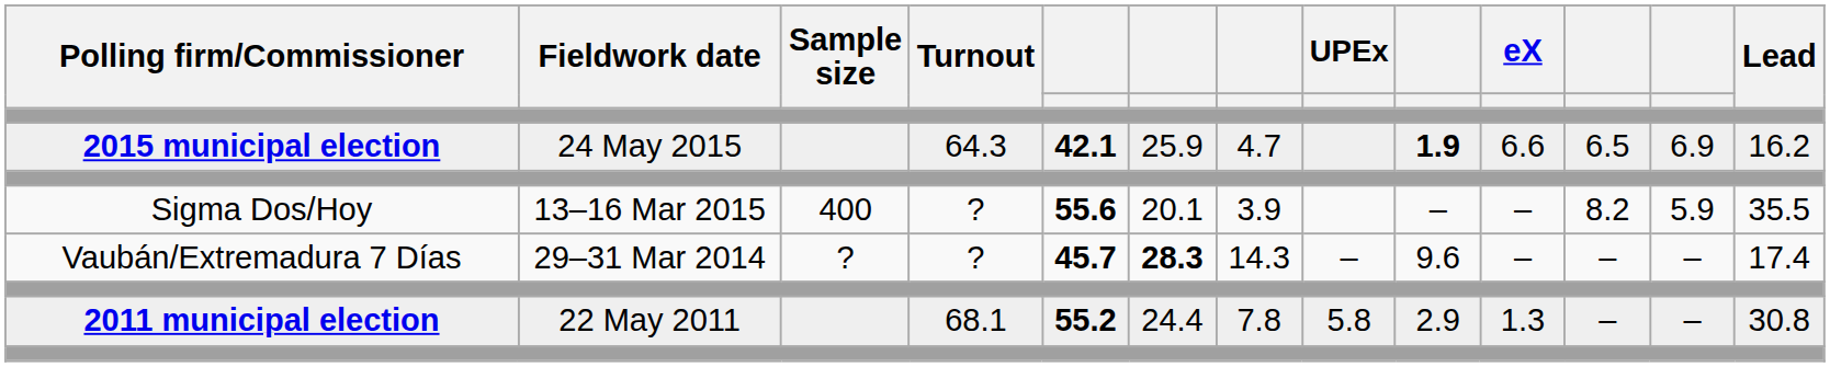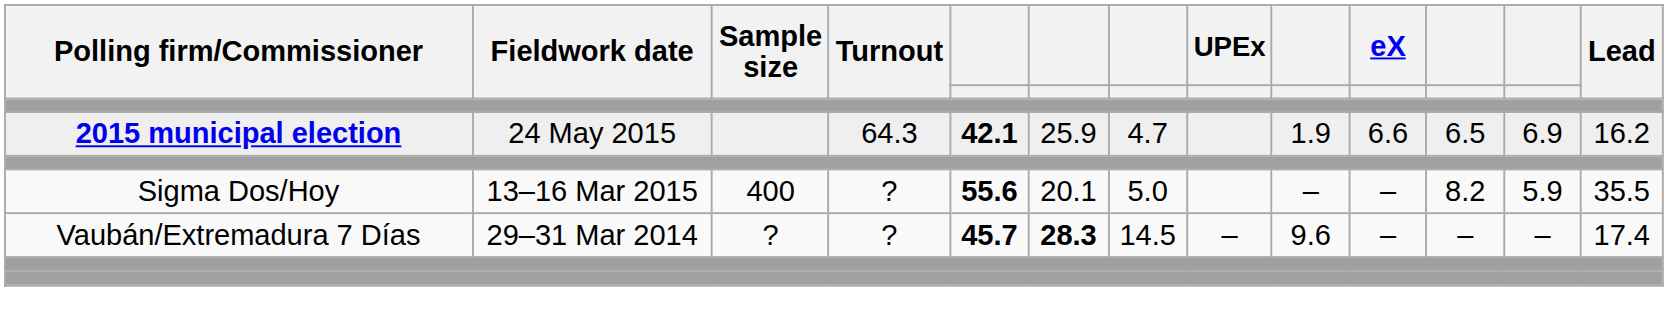 <table class="wikitable collapsible collapsed" style="text-align:center; font-size:95%; line-height:16px;">
 <tr style="height:42px;">
 <th style="width:250px;" rowspan="2">Polling firm/Commissioner</th>
 <th style="width:125px;" rowspan="2">Fieldwork date</th>
 <th style="width:50px;" rowspan="2">Sample size</th>
 <th style="width:45px;" rowspan="2">Turnout</th>
 <th style="width:35px;"></th>
 <th style="width:35px;"></th>
 <th style="width:35px;"></th>
 <th style="width:35px; font-size:95%;">UPEx</th>
 <th style="width:35px;"></th>
 <th style="width:35px;"><a href='#'>eX</a></th>
 <th style="width:35px;"></th>
 <th style="width:35px;"></th>
 <th style="width:30px;" rowspan="2">Lead</th>
 </tr>
 <tr>
 <th style="color:inherit;background:"></th>
 <th style="color:inherit;background:"></th>
 <th style="color:inherit;background:"></th>
 <th style="color:inherit;background:"></th>
 <th style="color:inherit;background:"></th>
 <th style="color:inherit;background:"></th>
 <th style="color:inherit;background:"></th>
 <th style="color:inherit;background:"></th>
 </tr>
 <tr>
 <td colspan="13" style="background:#A0A0A0"></td>
 </tr>
 <tr style="background:#EFEFEF;">
 <td><strong><a href='#'>2015 municipal election</a></strong></td>
 <td>24 May 2015</td>
 <td></td>
 <td>64.3</td>
 <td><strong>42.1</strong><br></td>
 <td>25.9<br></td>
 <td>4.7<br></td>
 <td></td>
-<td><strong>1.9<br></strong></td>
+<td>1.9<br></td>
 <td>6.6<br></td>
 <td>6.5<br></td>
 <td>6.9<br></td>
 <td style="background:">16.2</td>
 </tr>
 <tr>
 <td colspan="13" style="background:#A0A0A0"></td>
 </tr>
 <tr>
 <td>Sigma Dos/Hoy</td>
 <td>13–16 Mar 2015</td>
 <td>400</td>
 <td>?</td>
 <td><strong>55.6</strong><br></td>
 <td>20.1<br></td>
-<td>3.9<br></td>
+<td>5.0<br></td>
 <td></td>
 <td>–</td>
 <td>–</td>
 <td>8.2<br></td>
 <td>5.9<br></td>
 <td style="background:">35.5</td>
 </tr>
 <tr>
 <td>Vaubán/Extremadura 7 Días</td>
 <td>29–31 Mar 2014</td>
 <td>?</td>
 <td>?</td>
 <td><strong>45.7</strong></td>
 <td><strong>28.3</strong></td>
-<td>14.3</td>
+<td>14.5</td>
 <td>–</td>
 <td>9.6</td>
 <td>–</td>
 <td>–</td>
 <td>–</td>
 <td style="background:">17.4</td>
 </tr>
 <tr>
 <td colspan="13" style="background:#A0A0A0"></td>
 </tr>
-<tr style="background:#EFEFEF;">
-<td><strong><a href='#'>2011 municipal election</a></strong></td>
-<td>22 May 2011</td>
-<td></td>
-<td>68.1</td>
-<td><strong>55.2</strong><br></td>
-<td>24.4<br></td>
-<td>7.8<br></td>
-<td>5.8<br></td>
-<td>2.9<br></td>
-<td>1.3<br></td>
-<td>–</td>
-<td>–</td>
-<td style="background:">30.8</td>
-</tr>
 <tr>
 <td colspan="13" style="background:#A0A0A0"></td>
 </tr>
 </table>
